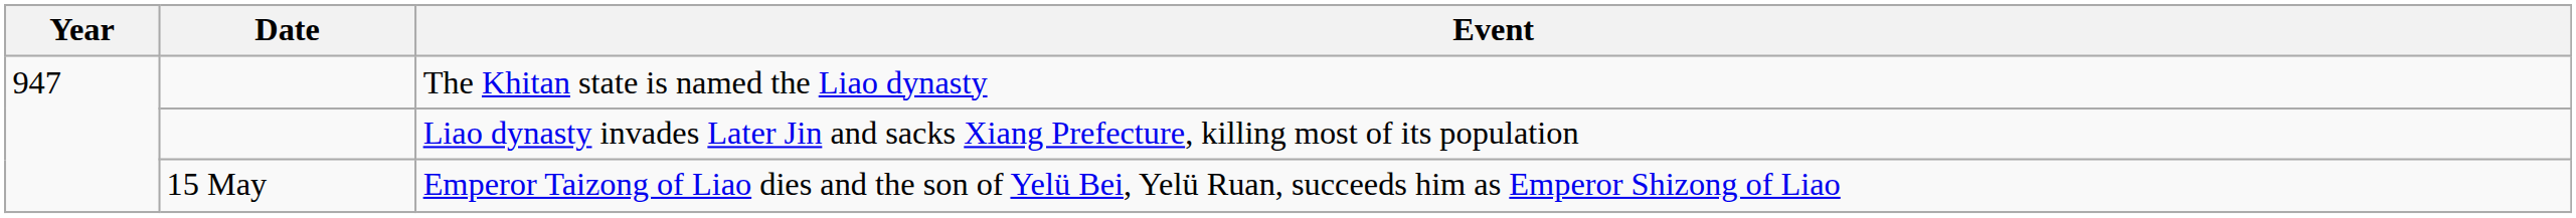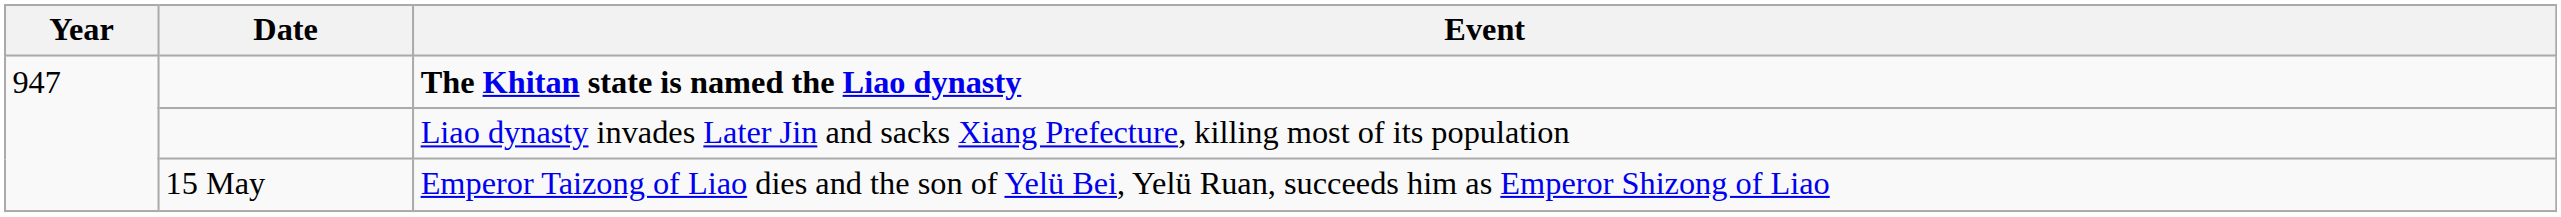 <table class="wikitable" width="100%">
 <tr>
 <th style="width:6%">Year</th>
 <th style="width:10%">Date</th>
 <th>Event</th>
 </tr>
 <tr>
 <td rowspan="3" valign="top">947</td>
 <td></td>
-<td>The <a href='#'>Khitan</a> state is named the <a href='#'>Liao dynasty</a></td>
+<td><strong>The <a href='#'>Khitan</a> state is named the <a href='#'>Liao dynasty</a></strong></td>
 </tr>
 <tr>
 <td></td>
 <td><a href='#'>Liao dynasty</a> invades <a href='#'>Later Jin</a> and sacks <a href='#'>Xiang Prefecture</a>, killing most of its population</td>
 </tr>
 <tr>
 <td>15 May</td>
 <td><a href='#'>Emperor Taizong of Liao</a> dies and the son of <a href='#'>Yelü Bei</a>, Yelü Ruan, succeeds him as <a href='#'>Emperor Shizong of Liao</a></td>
 </tr>
 </table>
